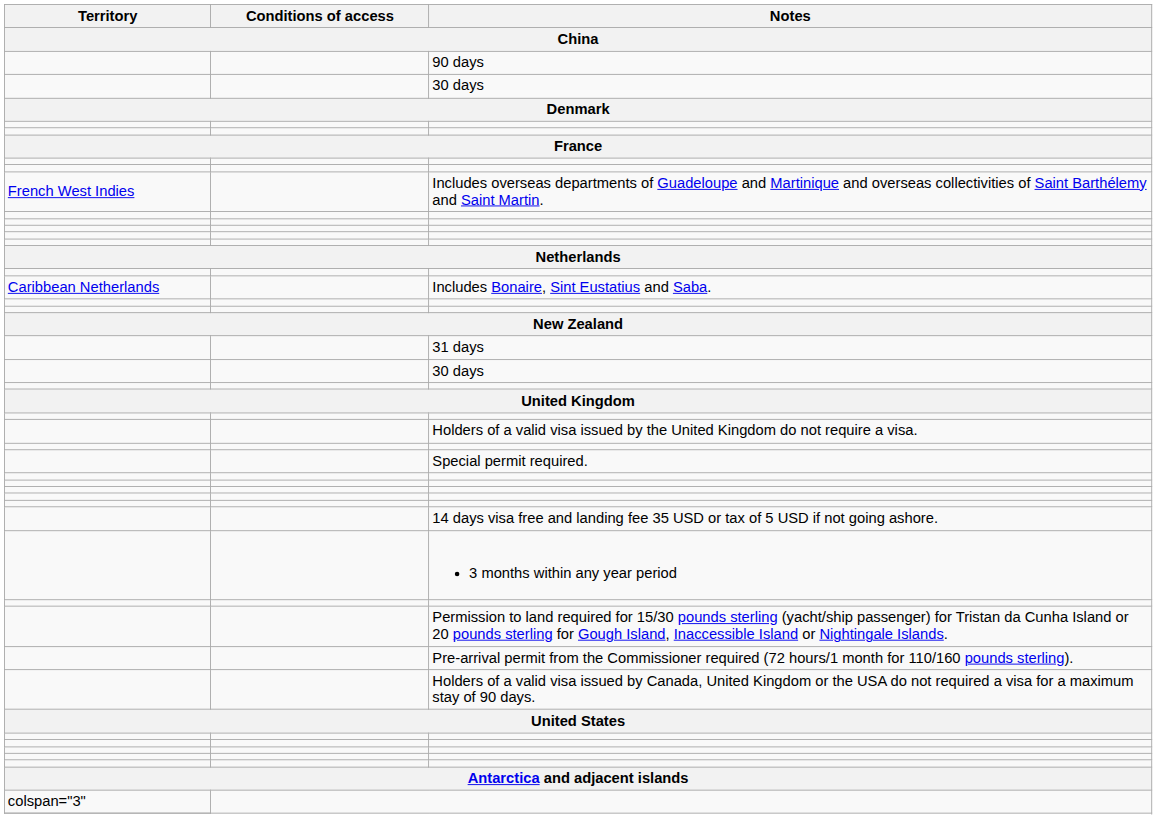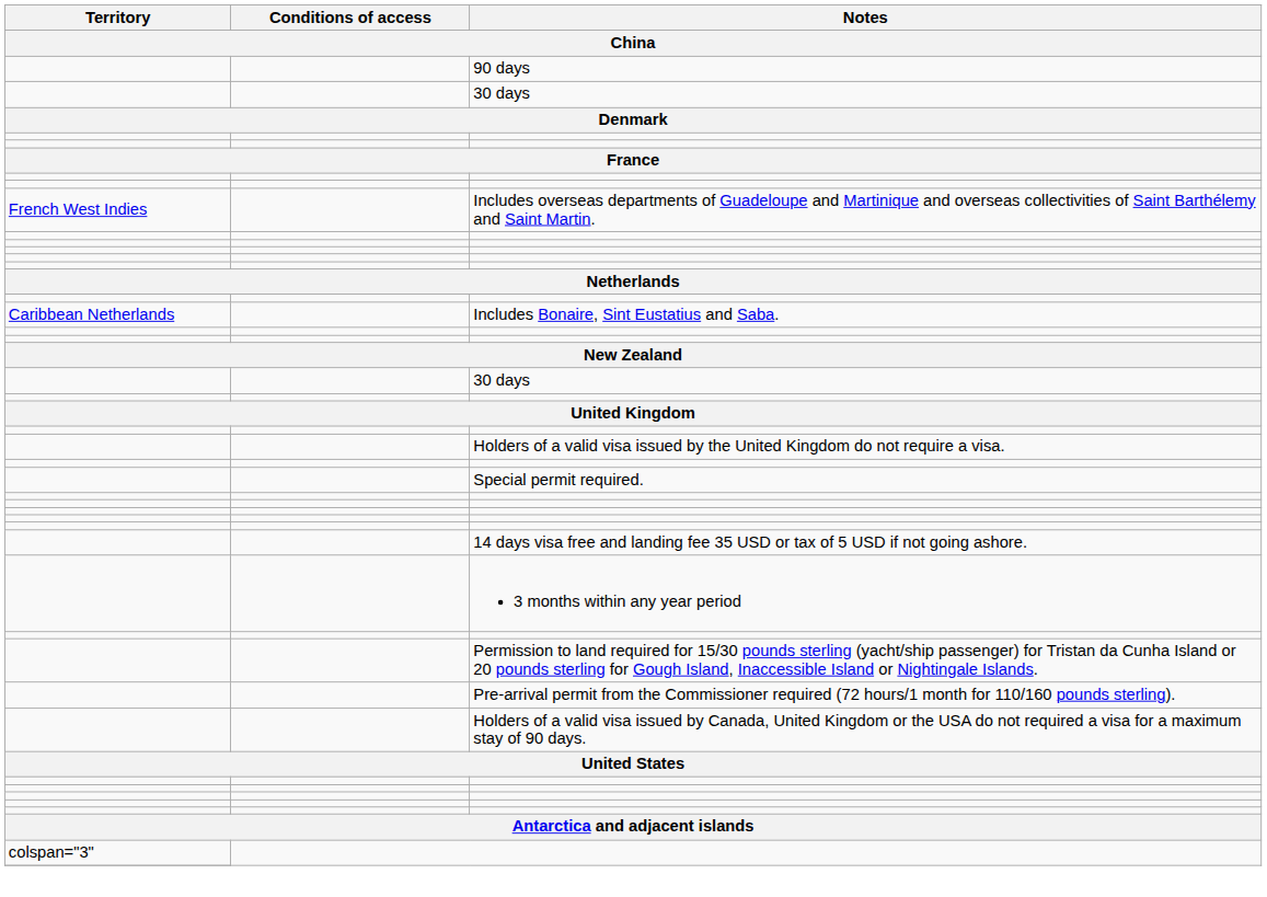 <table class="wikitable" style="text-align: left; table-layout: fixed;">
 <tr>
 <th width="18%">Territory</th>
 <th width="19%">Conditions of access</th>
 <th>Notes</th>
 </tr>
 <tr>
 <th colspan="3">China</th>
 </tr>
 <tr>
 <td></td>
 <td></td>
 <td>90 days</td>
 </tr>
 <tr>
 <td></td>
 <td></td>
 <td>30 days</td>
 </tr>
 <tr>
 <th colspan="3">Denmark</th>
 </tr>
 <tr>
 <td></td>
 <td></td>
 <td></td>
 </tr>
 <tr>
 <td></td>
 <td></td>
 <td></td>
 </tr>
 <tr>
 <th colspan="3">France</th>
 </tr>
 <tr>
 <td></td>
 <td></td>
 <td></td>
 </tr>
 <tr>
 <td></td>
 <td></td>
 <td></td>
 </tr>
 <tr>
 <td> <a href='#'>French West Indies</a></td>
 <td></td>
 <td>Includes overseas departments of <a href='#'>Guadeloupe</a> and <a href='#'>Martinique</a> and overseas collectivities of <a href='#'>Saint Barthélemy</a> and <a href='#'>Saint Martin</a>.</td>
 </tr>
 <tr>
 <td></td>
 <td></td>
 <td></td>
 </tr>
 <tr>
 <td></td>
 <td></td>
 <td></td>
 </tr>
 <tr>
 <td></td>
 <td></td>
 <td></td>
 </tr>
 <tr>
 <td></td>
 <td></td>
 <td></td>
 </tr>
 <tr>
 <td></td>
 <td></td>
 <td></td>
 </tr>
 <tr>
 <th colspan="3">Netherlands</th>
 </tr>
 <tr>
 <td></td>
 <td></td>
 <td></td>
 </tr>
 <tr>
 <td> <a href='#'>Caribbean Netherlands</a></td>
 <td></td>
 <td>Includes <a href='#'>Bonaire</a>, <a href='#'>Sint Eustatius</a> and <a href='#'>Saba</a>.</td>
 </tr>
 <tr>
 <td></td>
 <td></td>
 <td></td>
 </tr>
 <tr>
 <td></td>
 <td></td>
 <td></td>
 </tr>
 <tr>
 <th colspan="3">New Zealand</th>
-</tr>
-<tr>
-<td></td>
-<td></td>
-<td>31 days</td>
 </tr>
 <tr>
 <td></td>
 <td></td>
 <td>30 days</td>
 </tr>
 <tr>
 <td></td>
 <td></td>
 <td></td>
 </tr>
 <tr>
 <th colspan="3">United Kingdom</th>
 </tr>
 <tr>
 <td></td>
 <td></td>
 <td></td>
 </tr>
 <tr>
 <td></td>
 <td></td>
 <td>Holders of a valid visa issued by the United Kingdom do not require a visa.</td>
 </tr>
 <tr>
 <td></td>
 <td></td>
 <td></td>
 </tr>
 <tr>
 <td></td>
 <td></td>
 <td>Special permit required.</td>
 </tr>
 <tr>
 <td></td>
 <td></td>
 <td></td>
 </tr>
 <tr>
 <td></td>
 <td></td>
 <td></td>
 </tr>
 <tr>
 <td></td>
 <td></td>
 <td></td>
 </tr>
 <tr>
 <td></td>
 <td></td>
 <td></td>
 </tr>
 <tr>
 <td></td>
 <td></td>
 <td></td>
 </tr>
 <tr>
 <td></td>
 <td></td>
 <td>14 days visa free and landing fee 35 USD or tax of 5 USD if not going ashore.</td>
 </tr>
 <tr>
 <td></td>
 <td></td>
 <td><br><ul><li>3 months within any year period</li></ul></td>
 </tr>
 <tr>
 <td></td>
 <td></td>
 <td></td>
 </tr>
 <tr>
 <td></td>
 <td></td>
 <td>Permission to land required for 15/30 <a href='#'>pounds sterling</a> (yacht/ship passenger) for Tristan da Cunha Island or 20 <a href='#'>pounds sterling</a> for <a href='#'>Gough Island</a>, <a href='#'>Inaccessible Island</a> or <a href='#'>Nightingale Islands</a>.</td>
 </tr>
 <tr>
 <td></td>
 <td></td>
 <td>Pre-arrival permit from the Commissioner required (72 hours/1 month for 110/160 <a href='#'>pounds sterling</a>).</td>
 </tr>
 <tr>
 <td></td>
 <td></td>
 <td>Holders of a valid visa issued by Canada, United Kingdom or the USA do not required a visa for a maximum stay of 90 days.</td>
 </tr>
 <tr>
 <th colspan="3">United States</th>
 </tr>
 <tr>
 <td></td>
 <td></td>
 <td></td>
 </tr>
 <tr>
 <td></td>
 <td></td>
 <td></td>
 </tr>
 <tr>
 <td></td>
 <td></td>
 <td></td>
 </tr>
 <tr>
 <td></td>
 <td></td>
 <td></td>
 </tr>
 <tr>
 <td></td>
 <td></td>
 <td></td>
 </tr>
 <tr>
 <th colspan="3"><a href='#'>Antarctica</a> and adjacent islands</th>
 </tr>
 <tr>
 <td>colspan="3" </td>
 </tr>
 <tr>
 </tr>
 </table>
